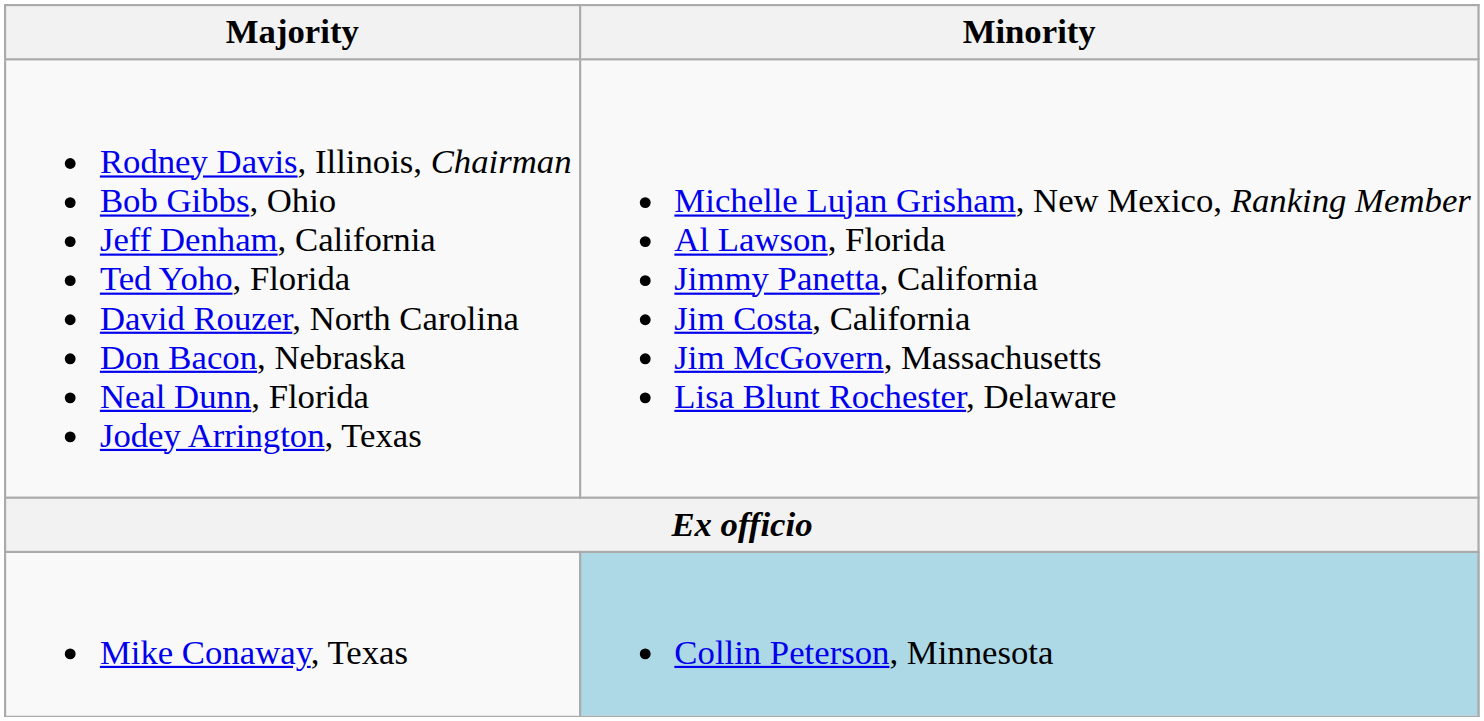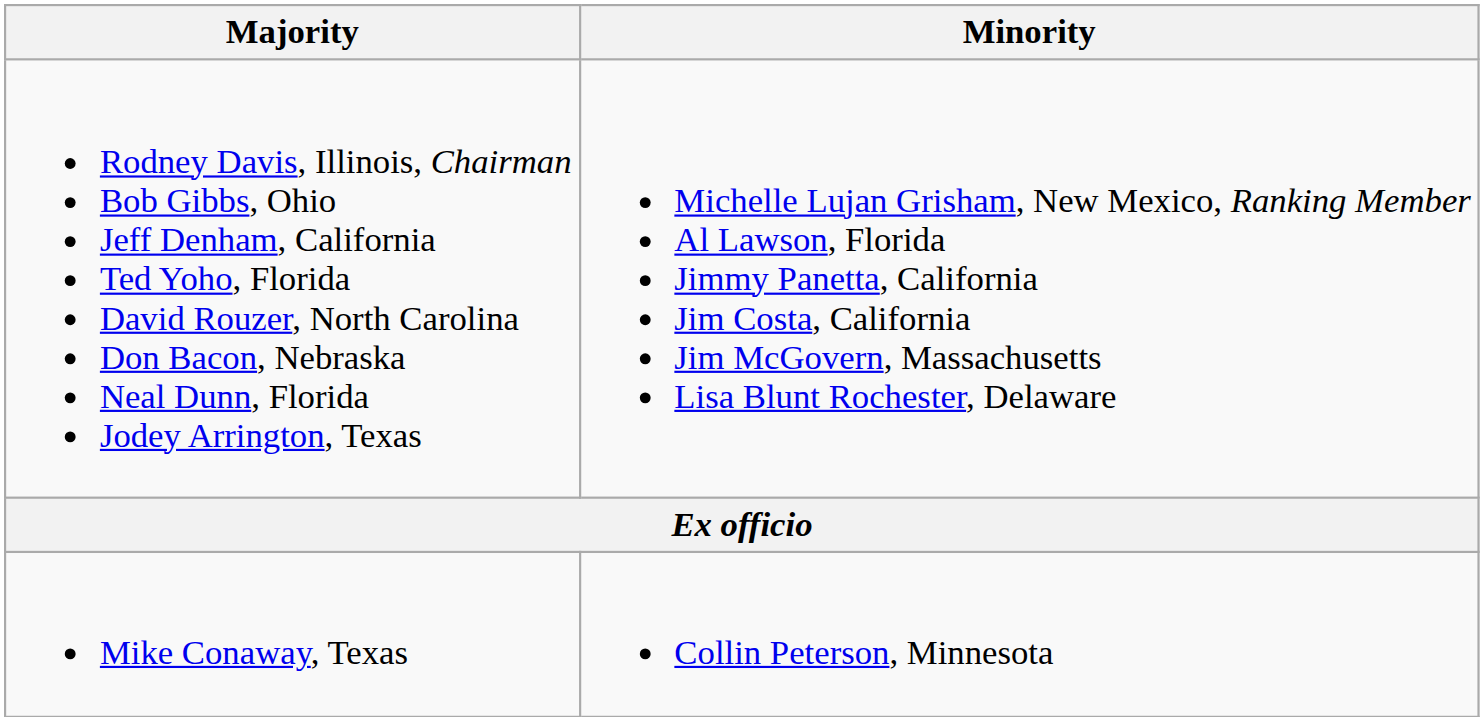 <table class=wikitable>
 <tr>
 <th>Majority</th>
 <th>Minority</th>
 </tr>
 <tr>
 <td><br><ul><li><a href='#'>Rodney Davis</a>, Illinois, <em>Chairman</em></li><li><a href='#'>Bob Gibbs</a>, Ohio</li><li><a href='#'>Jeff Denham</a>, California</li><li><a href='#'>Ted Yoho</a>, Florida</li><li><a href='#'>David Rouzer</a>, North Carolina</li><li><a href='#'>Don Bacon</a>, Nebraska</li><li><a href='#'>Neal Dunn</a>, Florida</li><li><a href='#'>Jodey Arrington</a>, Texas</li></ul></td>
 <td><br><ul><li><a href='#'>Michelle Lujan Grisham</a>, New Mexico, <em>Ranking Member</em></li><li><a href='#'>Al Lawson</a>, Florida</li><li><a href='#'>Jimmy Panetta</a>, California</li><li><a href='#'>Jim Costa</a>, California</li><li><a href='#'>Jim McGovern</a>, Massachusetts</li><li><a href='#'>Lisa Blunt Rochester</a>, Delaware</li></ul></td>
 </tr>
 <tr>
 <th colspan=2><em>Ex officio</em></th>
 </tr>
 <tr>
 <td><br><ul><li><a href='#'>Mike Conaway</a>, Texas</li></ul></td>
-<td style="background: lightblue;"><br><ul><li><a href='#'>Collin Peterson</a>, Minnesota</li></ul></td>
+<td><br><ul><li><a href='#'>Collin Peterson</a>, Minnesota</li></ul></td>
 </tr>
 </table>
